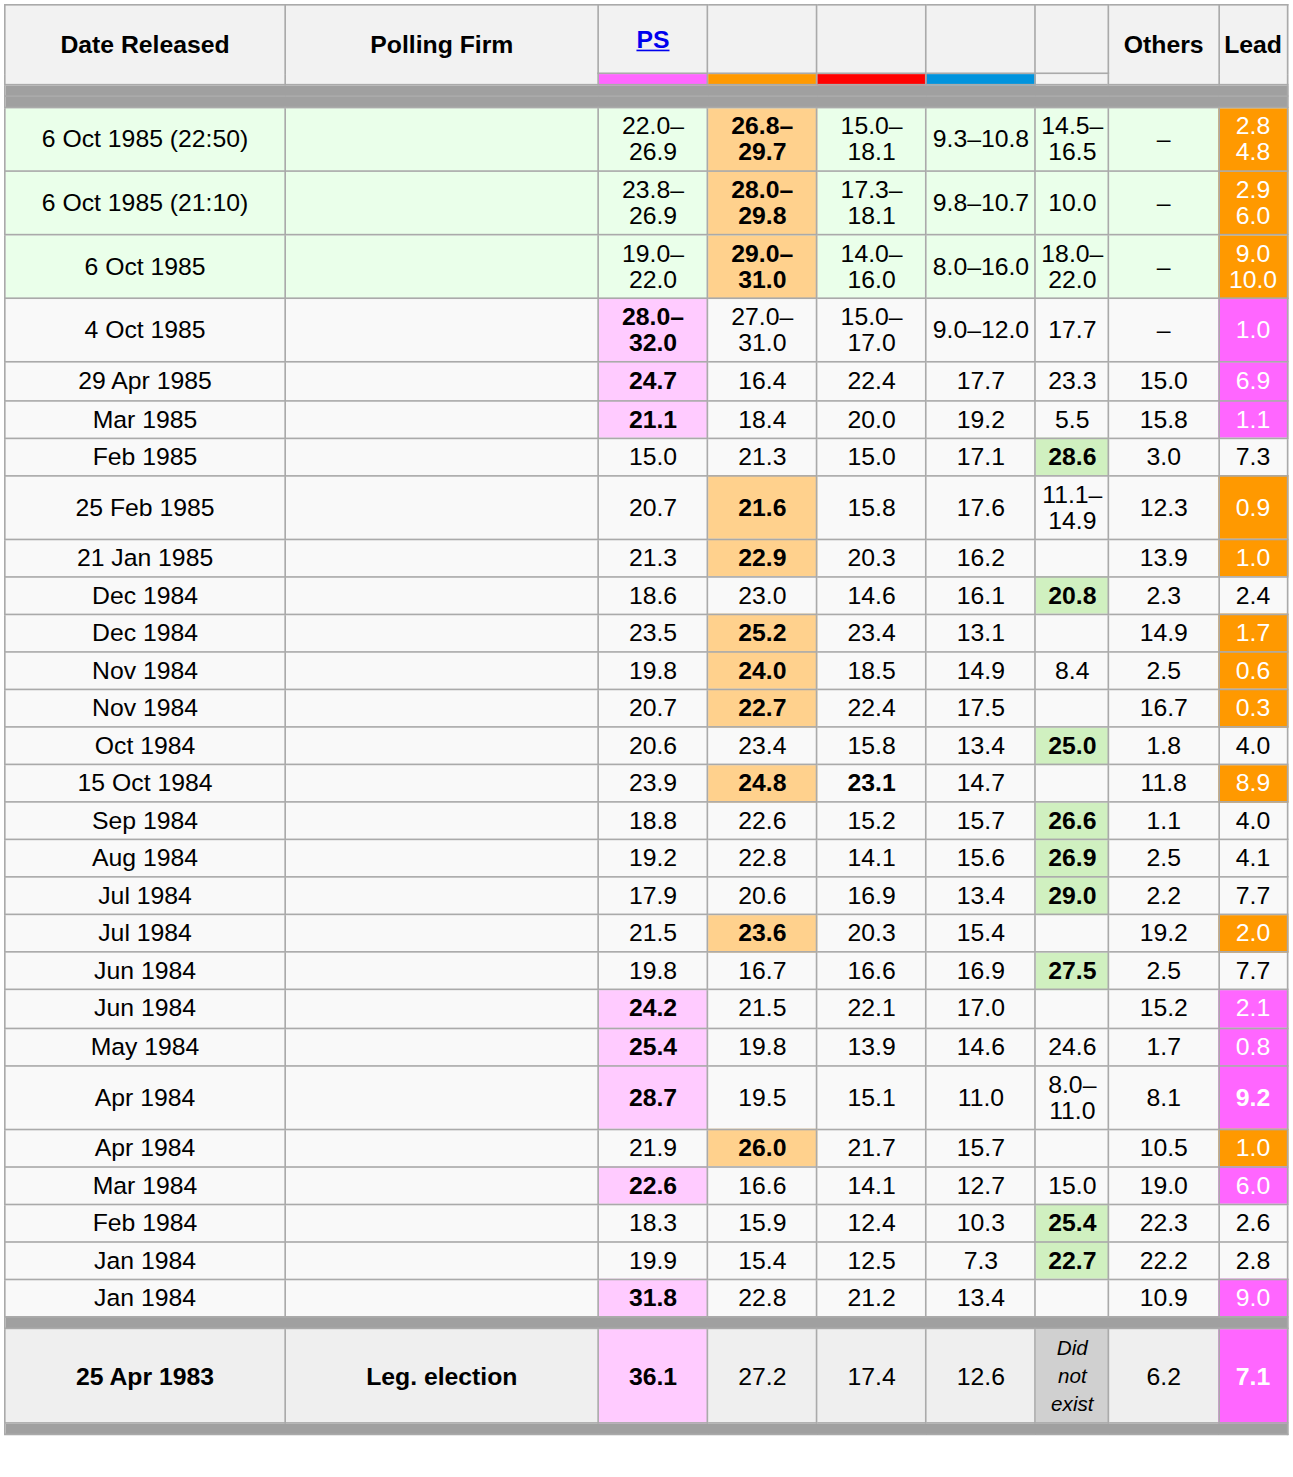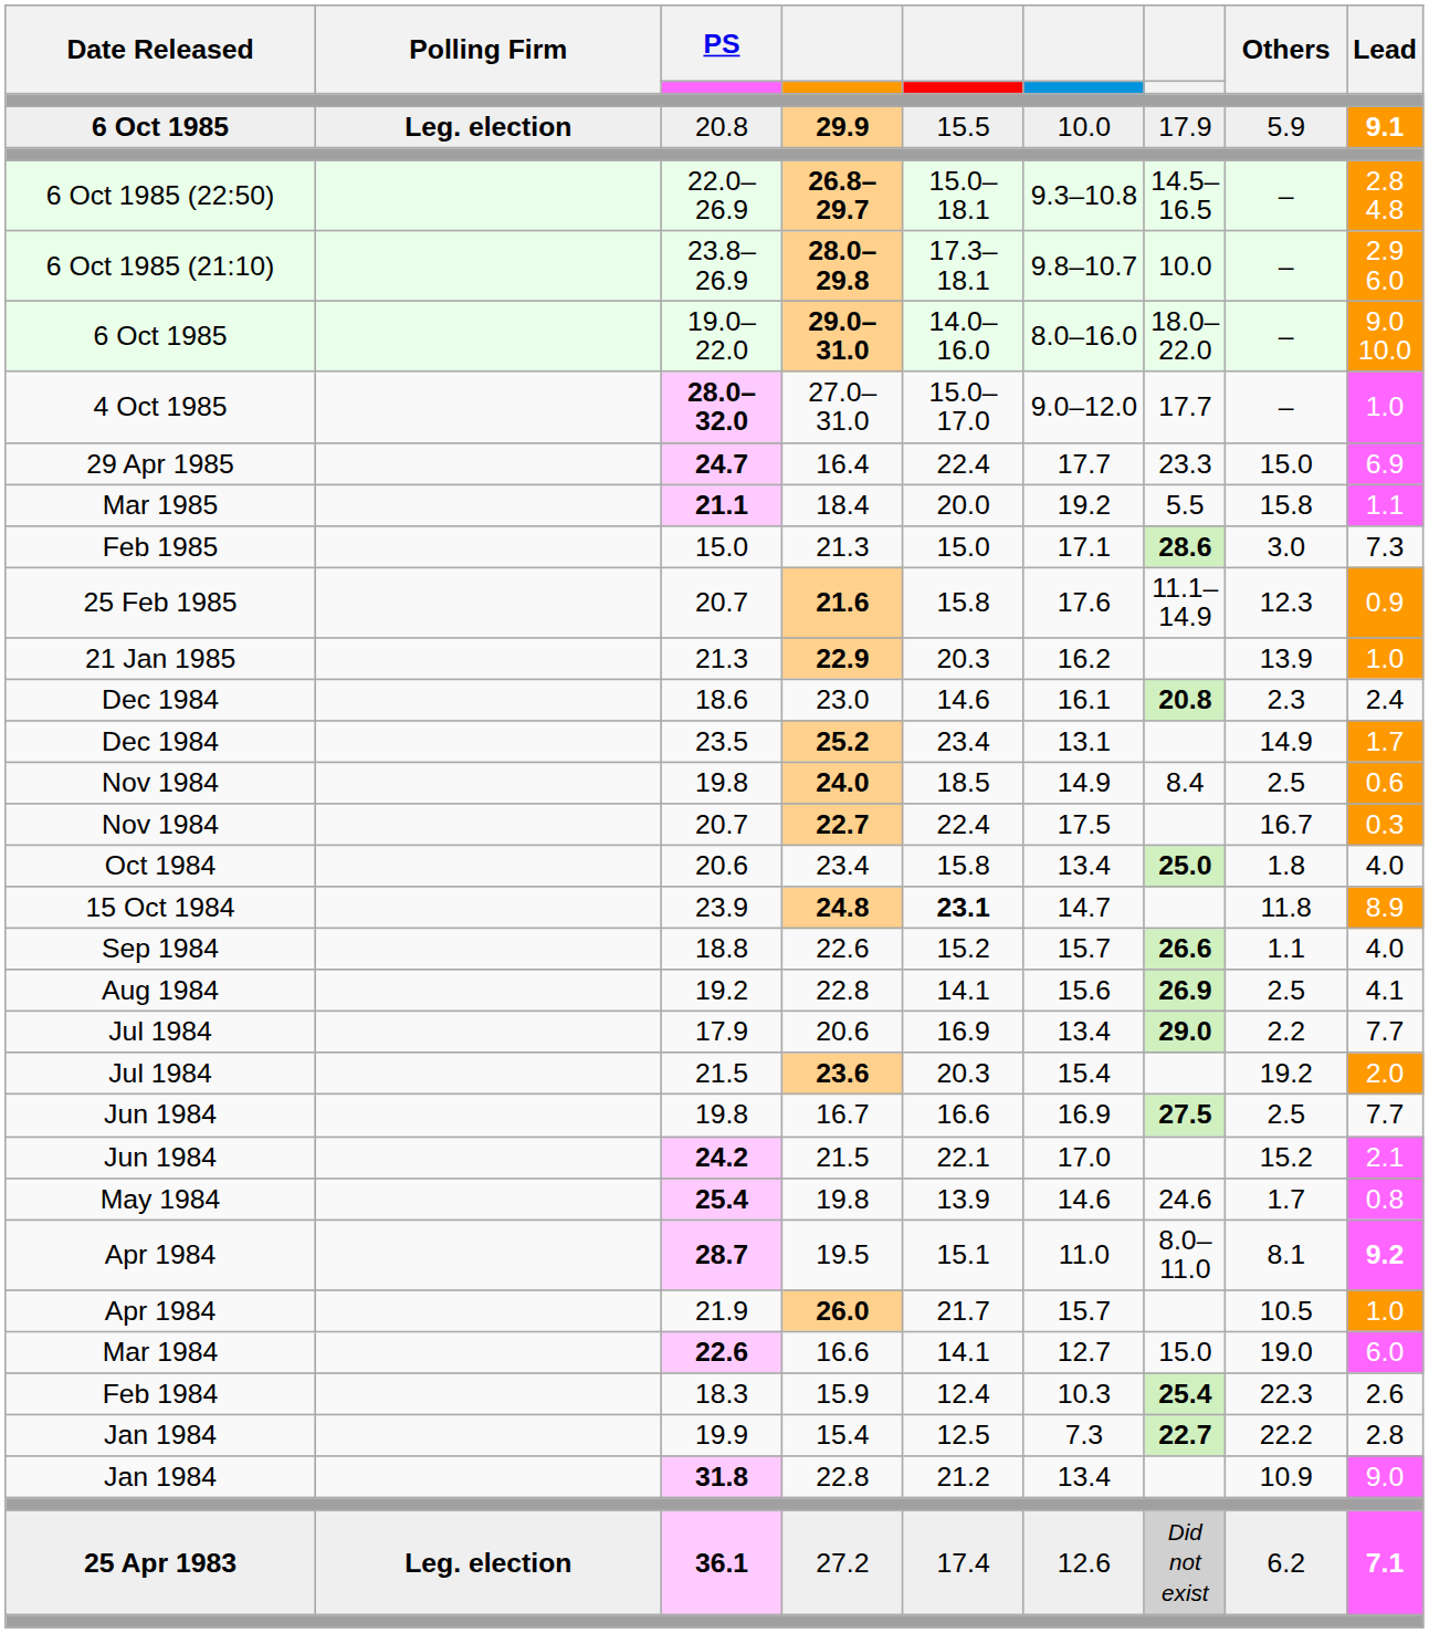 <table class="wikitable" style="text-align:center; font-size:95%; line-height:16px;">
 <tr style="height:42px;">
 <th style="width:165px;" rowspan="2">Date Released</th>
 <th style="width:185px;" rowspan="2">Polling Firm</th>
 <th><a href='#'>PS</a></th>
 <th></th>
 <th></th>
 <th></th>
 <th></th>
 <th style="width:60px;" rowspan="2">Others</th>
 <th style="width:30px;" rowspan="2">Lead</th>
 </tr>
 <tr>
 <th style="color:inherit;background:#FF66FF; width:60px;"></th>
 <th style="color:inherit;background:#FF9900; width:60px;"></th>
 <th style="color:inherit;background:red; width:60px;"></th>
 <th style="color:inherit;background:#0093DD; width:60px;"></th>
 <th style="color:inherit;background:"></th>
 </tr>
 <tr>
 <td colspan="9" style="background:#A0A0A0"></td>
+</tr>
+<tr style="background:#EFEFEF;">
+<td align="center"><strong>6 Oct 1985</strong></td>
+<td align="center"><strong>Leg. election</strong></td>
+<td align="center">20.8<br></td>
+<td align="center" style="background:#FFD18D"><strong>29.9</strong><br></td>
+<td align="center">15.5<br></td>
+<td align="center">10.0<br></td>
+<td align="center">17.9<br></td>
+<td align="center">5.9<br></td>
+<td style="background:#FF9900; color:white"><strong>9.1</strong></td>
 </tr>
 <tr>
 <td colspan="9" style="background:#A0A0A0"></td>
 </tr>
 <tr style="background:#EAFFEA"|>
 <td align="center">6 Oct 1985 <span>(22:50)</span></td>
 <td align="center"></td>
 <td align="center">22.0–26.9</td>
 <td align="center" style="background:#FFD18D"><strong>26.8–29.7</strong></td>
 <td align="center">15.0–18.1</td>
 <td align="center">9.3–10.8</td>
 <td align="center">14.5–16.5</td>
 <td align="center">–</td>
 <td style="background:#FF9900; color:white">2.8<br>4.8</td>
 </tr>
 <tr style="background:#EAFFEA"|>
 <td align="center">6 Oct  1985 <span>(21:10)</span></td>
 <td align="center"></td>
 <td align="center">23.8–26.9</td>
 <td align="center" style="background:#FFD18D"><strong>28.0–29.8</strong></td>
 <td align="center">17.3–18.1</td>
 <td align="center">9.8–10.7</td>
 <td align="center">10.0</td>
 <td align="center">–</td>
 <td style="background:#FF9900; color:white">2.9<br>6.0</td>
 </tr>
 <tr style="background:#EAFFEA"|>
 <td align="center">6 Oct 1985</td>
 <td align="center"></td>
 <td align="center">19.0–22.0</td>
 <td align="center" style="background:#FFD18D"><strong>29.0–31.0</strong></td>
 <td align="center">14.0–16.0</td>
 <td align="center">8.0–16.0</td>
 <td align="center">18.0–22.0</td>
 <td align="center">–</td>
 <td style="background:#FF9900; color:white">9.0<br>10.0</td>
 </tr>
 <tr>
 <td align="center">4 Oct 1985</td>
 <td align="center"></td>
 <td align="center" style="background:#FFCBFF"><strong>28.0–32.0</strong></td>
 <td align="center">27.0–31.0</td>
 <td align="center">15.0–17.0</td>
 <td align="center">9.0–12.0</td>
 <td align="center">17.7</td>
 <td align="center">–</td>
 <td style="background:#FF66FF; color:white">1.0</td>
 </tr>
 <tr>
 <td align="center">29 Apr 1985</td>
 <td align="center"></td>
 <td align="center" style="background:#FFCBFF"><strong>24.7</strong></td>
 <td align="center">16.4</td>
 <td align="center">22.4</td>
 <td align="center">17.7</td>
 <td align="center">23.3</td>
 <td align="center">15.0</td>
 <td style="background:#FF66FF; color:white">6.9</td>
 </tr>
 <tr>
 <td align="center">Mar 1985</td>
 <td align="center"></td>
 <td align="center" style="background:#FFCBFF"><strong>21.1</strong></td>
 <td align="center">18.4</td>
 <td align="center">20.0</td>
 <td align="center">19.2</td>
 <td align="center">5.5</td>
 <td align="center">15.8</td>
 <td style="background:#FF66FF; color:white">1.1</td>
 </tr>
 <tr>
 <td align="center">Feb 1985</td>
 <td align="center"></td>
 <td align="center">15.0</td>
 <td align="center">21.3</td>
 <td align="center">15.0</td>
 <td align="center">17.1</td>
 <td align="center" style="background:#D0F0C0"><strong>28.6</strong></td>
 <td align="center">3.0</td>
 <td style="background:">7.3</td>
 </tr>
 <tr>
 <td align="center">25 Feb 1985</td>
 <td align="center"></td>
 <td align="center">20.7</td>
 <td align="center" style="background:#FFD18D"><strong>21.6</strong></td>
 <td align="center">15.8</td>
 <td align="center">17.6</td>
 <td align="center">11.1–14.9</td>
 <td align="center">12.3</td>
 <td style="background:#FF9900; color:white">0.9</td>
 </tr>
 <tr>
 <td align="center">21 Jan 1985</td>
 <td align="center"></td>
 <td align="center">21.3</td>
 <td align="center" style="background:#FFD18D"><strong>22.9</strong></td>
 <td align="center">20.3</td>
 <td align="center">16.2</td>
 <td></td>
 <td align="center">13.9</td>
 <td style="background:#FF9900; color:white">1.0</td>
 </tr>
 <tr>
 <td align="center">Dec 1984</td>
 <td align="center"></td>
 <td align="center">18.6</td>
 <td align="center">23.0</td>
 <td align="center">14.6</td>
 <td align="center">16.1</td>
 <td align="center" style="background:#D0F0C0"><strong>20.8</strong></td>
 <td align="center">2.3</td>
 <td style="background:">2.4</td>
 </tr>
 <tr>
 <td align="center">Dec 1984</td>
 <td align="center"></td>
 <td align="center">23.5</td>
 <td align="center" style="background:#FFD18D"><strong>25.2</strong></td>
 <td align="center">23.4</td>
 <td align="center">13.1</td>
 <td></td>
 <td align="center">14.9</td>
 <td style="background:#FF9900; color:white">1.7</td>
 </tr>
 <tr>
 <td align="center">Nov 1984</td>
 <td align="center"></td>
 <td align="center">19.8</td>
 <td align="center" style="background:#FFD18D"><strong>24.0</strong></td>
 <td align="center">18.5</td>
 <td align="center">14.9</td>
 <td align="center">8.4</td>
 <td align="center">2.5</td>
 <td style="background:#FF9900; color:white">0.6</td>
 </tr>
 <tr>
 <td align="center">Nov 1984</td>
 <td align="center"></td>
 <td align="center">20.7</td>
 <td align="center" style="background:#FFD18D"><strong>22.7</strong></td>
 <td align="center">22.4</td>
 <td align="center">17.5</td>
 <td></td>
 <td align="center">16.7</td>
 <td style="background:#FF9900; color:white">0.3</td>
 </tr>
 <tr>
 <td align="center">Oct 1984</td>
 <td align="center"></td>
 <td align="center">20.6</td>
 <td align="center">23.4</td>
 <td align="center">15.8</td>
 <td align="center">13.4</td>
 <td align="center" style="background:#D0F0C0"><strong>25.0</strong></td>
 <td align="center">1.8</td>
 <td style="background:">4.0</td>
 </tr>
 <tr>
 <td align="center">15 Oct 1984</td>
 <td align="center"></td>
 <td align="center">23.9</td>
 <td align="center" style="background:#FFD18D"><strong>24.8</strong></td>
 <td align="center"><strong>23.1</strong></td>
 <td align="center">14.7</td>
 <td></td>
 <td align="center">11.8</td>
 <td style="background:#FF9900; color:white">8.9</td>
 </tr>
 <tr>
 <td align="center">Sep 1984</td>
 <td align="center"></td>
 <td align="center">18.8</td>
 <td align="center">22.6</td>
 <td align="center">15.2</td>
 <td align="center">15.7</td>
 <td align="center" style="background:#D0F0C0"><strong>26.6</strong></td>
 <td align="center">1.1</td>
 <td style="background:">4.0</td>
 </tr>
 <tr>
 <td align="center">Aug 1984</td>
 <td align="center"></td>
 <td align="center">19.2</td>
 <td align="center">22.8</td>
 <td align="center">14.1</td>
 <td align="center">15.6</td>
 <td align="center" style="background:#D0F0C0"><strong>26.9</strong></td>
 <td align="center">2.5</td>
 <td style="background:">4.1</td>
 </tr>
 <tr>
 <td align="center">Jul 1984</td>
 <td align="center"></td>
 <td align="center">17.9</td>
 <td align="center">20.6</td>
 <td align="center">16.9</td>
 <td align="center">13.4</td>
 <td align="center" style="background:#D0F0C0"><strong>29.0</strong></td>
 <td align="center">2.2</td>
 <td style="background:">7.7</td>
 </tr>
 <tr>
 <td align="center">Jul 1984</td>
 <td align="center"></td>
 <td align="center">21.5</td>
 <td align="center" style="background:#FFD18D"><strong>23.6</strong></td>
 <td align="center">20.3</td>
 <td align="center">15.4</td>
 <td></td>
 <td align="center">19.2</td>
 <td style="background:#FF9900; color:white">2.0</td>
 </tr>
 <tr>
 <td align="center">Jun 1984</td>
 <td align="center"></td>
 <td align="center">19.8</td>
 <td align="center">16.7</td>
 <td align="center">16.6</td>
 <td align="center">16.9</td>
 <td align="center" style="background:#D0F0C0"><strong>27.5</strong></td>
 <td align="center">2.5</td>
 <td style="background:">7.7</td>
 </tr>
 <tr>
 <td align="center">Jun 1984</td>
 <td align="center"></td>
 <td align="center" style="background:#FFCBFF"><strong>24.2</strong></td>
 <td align="center">21.5</td>
 <td align="center">22.1</td>
 <td align="center">17.0</td>
 <td></td>
 <td align="center">15.2</td>
 <td style="background:#FF66FF; color:white">2.1</td>
 </tr>
 <tr>
 <td align="center">May 1984</td>
 <td align="center"></td>
 <td align="center" style="background:#FFCBFF"><strong>25.4</strong></td>
 <td align="center">19.8</td>
 <td align="center">13.9</td>
 <td align="center">14.6</td>
 <td align="center">24.6</td>
 <td align="center">1.7</td>
 <td style="background:#FF66FF; color:white">0.8</td>
 </tr>
 <tr>
 <td align="center">Apr 1984</td>
 <td align="center"></td>
 <td align="center" style="background:#FFCBFF"><strong>28.7</strong></td>
 <td align="center">19.5</td>
 <td align="center">15.1</td>
 <td align="center">11.0</td>
 <td align="center">8.0–11.0</td>
 <td align="center">8.1</td>
 <td style="background:#FF66FF; color:white"><strong>9.2</strong></td>
 </tr>
 <tr>
 <td align="center">Apr 1984</td>
 <td align="center"></td>
 <td align="center">21.9</td>
 <td align="center" style="background:#FFD18D"><strong>26.0</strong></td>
 <td align="center">21.7</td>
 <td align="center">15.7</td>
 <td></td>
 <td align="center">10.5</td>
 <td style="background:#FF9900; color:white">1.0</td>
 </tr>
 <tr>
 <td align="center">Mar 1984</td>
 <td align="center"></td>
 <td align="center" style="background:#FFCBFF"><strong>22.6</strong></td>
 <td align="center">16.6</td>
 <td align="center">14.1</td>
 <td align="center">12.7</td>
 <td align="center">15.0</td>
 <td align="center">19.0</td>
 <td style="background:#FF66FF; color:white">6.0</td>
 </tr>
 <tr>
 <td align="center">Feb 1984</td>
 <td align="center"></td>
 <td align="center">18.3</td>
 <td align="center">15.9</td>
 <td align="center">12.4</td>
 <td align="center">10.3</td>
 <td align="center" style="background:#D0F0C0"><strong>25.4</strong></td>
 <td align="center">22.3</td>
 <td style="background:">2.6</td>
 </tr>
 <tr>
 <td align="center">Jan 1984</td>
 <td align="center"></td>
 <td align="center">19.9</td>
 <td align="center">15.4</td>
 <td align="center">12.5</td>
 <td align="center">7.3</td>
 <td align="center" style="background:#D0F0C0"><strong>22.7</strong></td>
 <td align="center">22.2</td>
 <td style="background:">2.8</td>
 </tr>
 <tr>
 <td align="center">Jan 1984</td>
 <td align="center"></td>
 <td align="center" style="background:#FFCBFF"><strong>31.8</strong></td>
 <td align="center">22.8</td>
 <td align="center">21.2</td>
 <td align="center">13.4</td>
 <td></td>
 <td align="center">10.9</td>
 <td style="background:#FF66FF; color:white">9.0</td>
 </tr>
 <tr>
 <td colspan="9" style="background:#A0A0A0"></td>
 </tr>
 <tr style="background:#EFEFEF;">
 <td align="center"><strong>25 Apr 1983</strong></td>
 <td align="center"><strong>Leg. election</strong></td>
 <td align="center" style="background:#FFCBFF"><strong>36.1</strong><br></td>
 <td align="center">27.2<br></td>
 <td align="center">17.4<br></td>
 <td align="center">12.6<br></td>
 <td style="background:#D0D0D0; width:1px;"><small><em>Did not exist</em></small></td>
 <td align="center">6.2<br></td>
 <td style="background:#FF66FF; color:white"><strong>7.1</strong></td>
 </tr>
 <tr>
 <td colspan="9" style="background:#A0A0A0"></td>
 </tr>
 </table>
